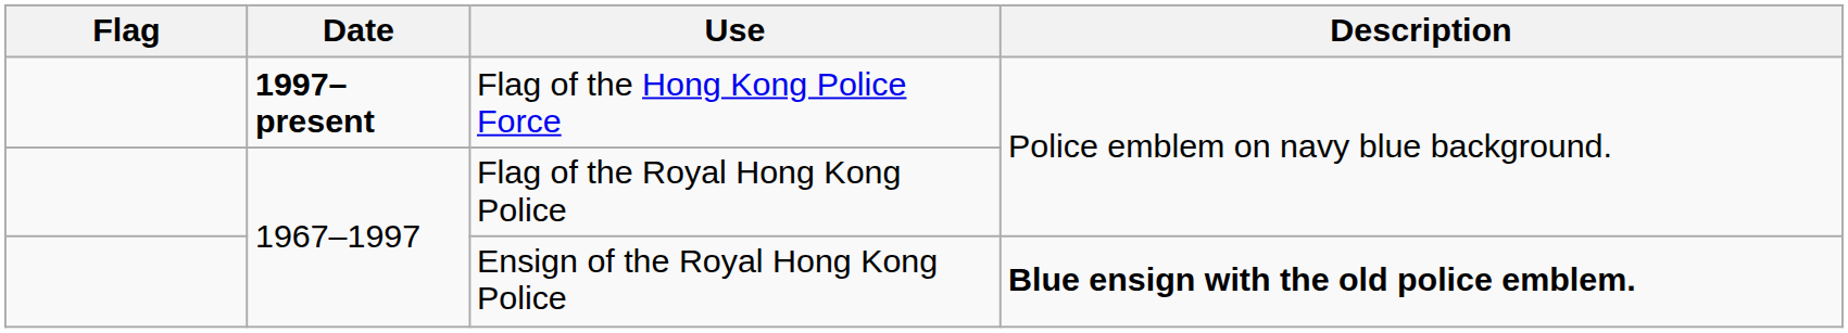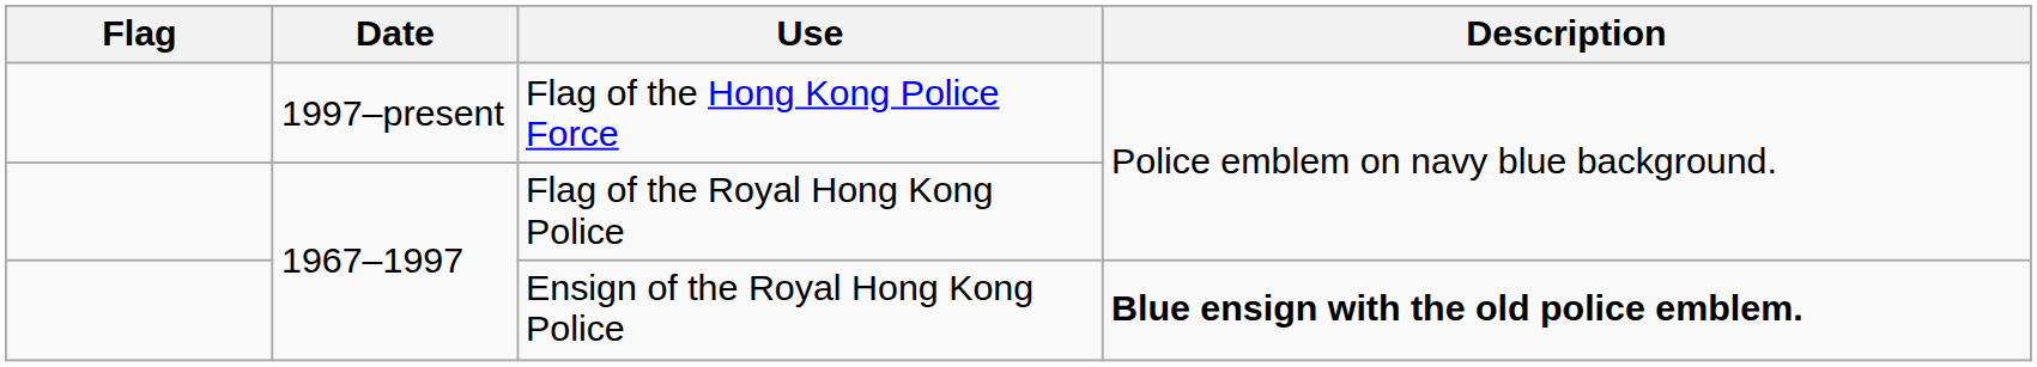 <table class="wikitable" style="background:#f9f9f9">
 <tr>
 <th width="110">Flag</th>
 <th width="100">Date</th>
 <th width="250">Use</th>
 <th width="400">Description</th>
 </tr>
 <tr>
 <td></td>
-<td><strong>1997–present</strong></td>
+<td>1997–present</td>
 <td>Flag of the <a href='#'>Hong Kong Police Force</a></td>
 <td rowspan="2">Police emblem on navy blue background.</td>
 </tr>
 <tr>
 <td></td>
 <td rowspan="2">1967–1997</td>
 <td>Flag of the Royal Hong Kong Police</td>
 </tr>
 <tr>
 <td></td>
 <td>Ensign of the Royal Hong Kong Police</td>
 <td><strong>Blue ensign with the old police emblem.</strong></td>
 </tr>
 </table>
